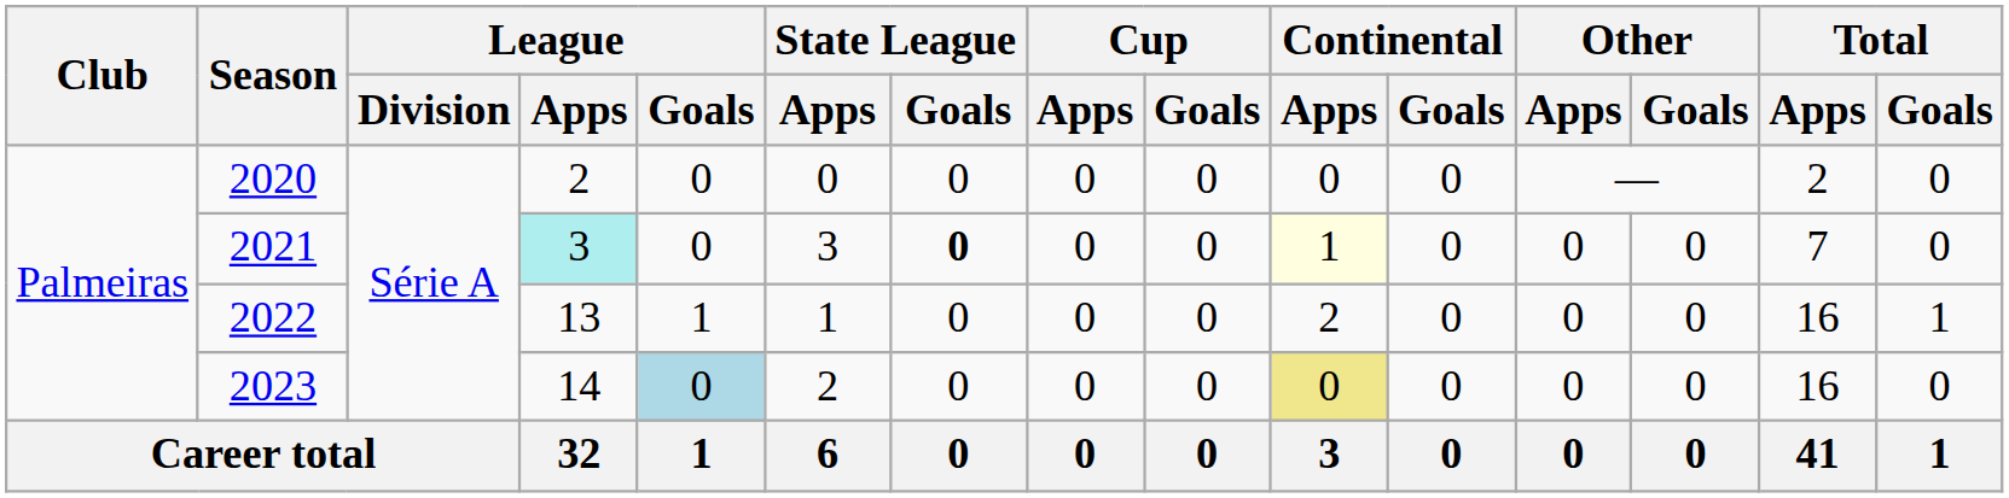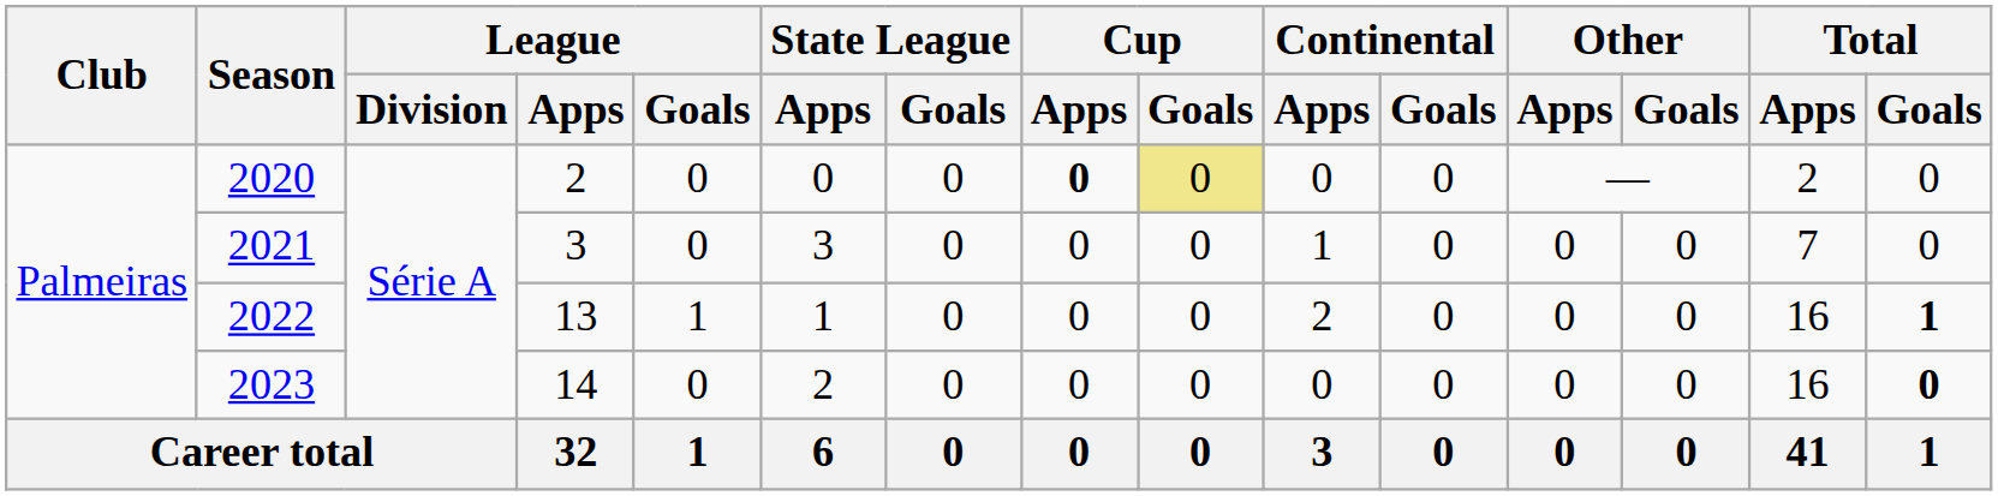 <table class="wikitable" style="text-align: center">
 <tr>
 <th rowspan="2">Club</th>
 <th rowspan="2">Season</th>
 <th colspan="3">League</th>
 <th colspan="2">State League</th>
 <th colspan="2">Cup</th>
 <th colspan="2">Continental</th>
 <th colspan="2">Other</th>
 <th colspan="2">Total</th>
 </tr>
 <tr>
 <th>Division</th>
 <th>Apps</th>
 <th>Goals</th>
 <th>Apps</th>
 <th>Goals</th>
 <th>Apps</th>
 <th>Goals</th>
 <th>Apps</th>
 <th>Goals</th>
 <th>Apps</th>
 <th>Goals</th>
 <th>Apps</th>
 <th>Goals</th>
 </tr>
 <tr>
 <td rowspan="4"><a href='#'>Palmeiras</a></td>
 <td><a href='#'>2020</a></td>
 <td rowspan="4"><a href='#'>Série A</a></td>
 <td>2</td>
 <td>0</td>
 <td>0</td>
 <td>0</td>
-<td>0</td>
-<td>0</td>
+<td><strong>0</strong></td>
+<td style="background: khaki;">0</td>
 <td>0</td>
 <td>0</td>
 <td colspan="2">—</td>
 <td>2</td>
 <td>0</td>
 </tr>
 <tr>
 <td><a href='#'>2021</a></td>
-<td style="background: paleturquoise;">3</td>
+<td>3</td>
 <td>0</td>
 <td>3</td>
-<td><strong>0</strong></td>
 <td>0</td>
 <td>0</td>
-<td style="background: lightyellow;">1</td>
+<td>0</td>
+<td>1</td>
 <td>0</td>
 <td>0</td>
 <td>0</td>
 <td>7</td>
 <td>0</td>
 </tr>
 <tr>
 <td><a href='#'>2022</a></td>
 <td>13</td>
 <td>1</td>
 <td>1</td>
 <td>0</td>
 <td>0</td>
 <td>0</td>
 <td>2</td>
 <td>0</td>
 <td>0</td>
 <td>0</td>
 <td>16</td>
-<td>1</td>
+<td><strong>1</strong></td>
 </tr>
 <tr>
 <td><a href='#'>2023</a></td>
 <td>14</td>
-<td style="background: lightblue;">0</td>
+<td>0</td>
 <td>2</td>
 <td>0</td>
 <td>0</td>
 <td>0</td>
-<td style="background: khaki;">0</td>
+<td>0</td>
 <td>0</td>
 <td>0</td>
 <td>0</td>
 <td>16</td>
-<td>0</td>
+<td><strong>0</strong></td>
 </tr>
 <tr>
 <th colspan="3"><strong>Career total</strong></th>
 <th>32</th>
 <th>1</th>
 <th>6</th>
 <th>0</th>
 <th>0</th>
 <th>0</th>
 <th>3</th>
 <th>0</th>
 <th>0</th>
 <th>0</th>
 <th>41</th>
 <th>1</th>
 </tr>
 </table>
